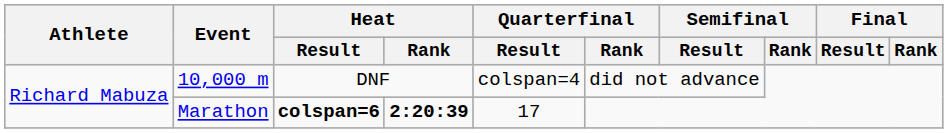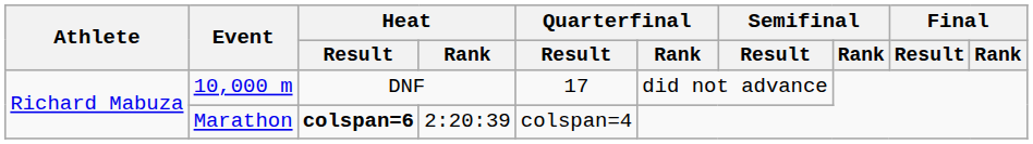 <table class="wikitable" style="font-size:90%">
 <tr>
 <th rowspan="2">Athlete</th>
 <th rowspan="2">Event</th>
 <th colspan="2">Heat</th>
 <th colspan="2">Quarterfinal</th>
 <th colspan="2">Semifinal</th>
 <th colspan="2">Final</th>
 </tr>
 <tr style="font-size:95%">
 <th>Result</th>
 <th>Rank</th>
 <th>Result</th>
 <th>Rank</th>
 <th>Result</th>
 <th>Rank</th>
 <th>Result</th>
 <th>Rank</th>
 </tr>
 <tr align=center>
 <td style="text-align:left;" rowspan="2"><a href='#'>Richard Mabuza</a></td>
 <td align=left><a href='#'>10,000 m</a></td>
 <td colspan=2>DNF</td>
-<td>colspan=4 </td>
+<td>17</td>
 <td colspan=2>did not advance</td>
 </tr>
 <tr align=center>
 <td align=left><a href='#'>Marathon</a></td>
 <td><strong>colspan=6 </strong></td>
-<td><strong>2:20:39</strong></td>
-<td>17</td>
+<td>2:20:39</td>
+<td>colspan=4 </td>
 </tr>
 </table>
